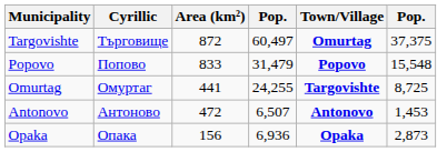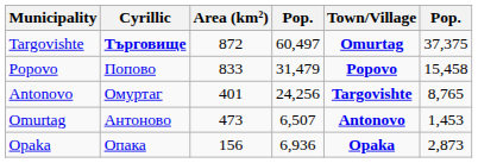 <table class="wikitable sortable">
 <tr>
 <th>Municipality</th>
 <th>Cyrillic</th>
 <th>Area (km²)</th>
 <th>Pop.</th>
 <th>Town/Village</th>
 <th>Pop.</th>
 </tr>
 <tr>
 <td><a href='#'>Targovishte</a></td>
-<td><a href='#'>Търговище</a></td>
+<td><strong><a href='#'>Търговище</a></strong></td>
 <td align="middle">872</td>
 <td align="middle">60,497</td>
 <td align="middle"><strong><a href='#'>Omurtag</a></strong></td>
 <td align="middle">37,375</td>
 </tr>
 <tr>
 <td><a href='#'>Popovo</a></td>
 <td><a href='#'>Попово</a></td>
 <td align="middle">833</td>
 <td align="middle">31,479</td>
 <td align="middle"><strong><a href='#'>Popovo</a></strong></td>
-<td align="middle">15,548</td>
+<td align="middle">15,458</td>
+</tr>
+<tr>
+<td><a href='#'>Antonovo</a></td>
+<td><a href='#'>Омуртаг</a></td>
+<td align="middle">401</td>
+<td align="middle">24,256</td>
+<td align="middle"><strong><a href='#'>Targovishte</a></strong></td>
+<td align="middle">8,765</td>
 </tr>
 <tr>
 <td><a href='#'>Omurtag</a></td>
-<td><a href='#'>Омуртаг</a></td>
-<td align="middle">441</td>
-<td align="middle">24,255</td>
-<td align="middle"><strong><a href='#'>Targovishte</a></strong></td>
-<td align="middle">8,725</td>
-</tr>
-<tr>
-<td><a href='#'>Antonovo</a></td>
 <td><a href='#'>Антоново</a></td>
-<td align="middle">472</td>
+<td align="middle">473</td>
 <td align="middle">6,507</td>
 <td align="middle"><strong><a href='#'>Antonovo</a></strong></td>
 <td align="middle">1,453</td>
 </tr>
 <tr>
 <td><a href='#'>Opaka</a></td>
 <td><a href='#'>Опака</a></td>
 <td align="middle">156</td>
 <td align="middle">6,936</td>
 <td align="middle"><strong><a href='#'>Opaka</a></strong></td>
 <td align="middle">2,873</td>
 </tr>
 </table>
